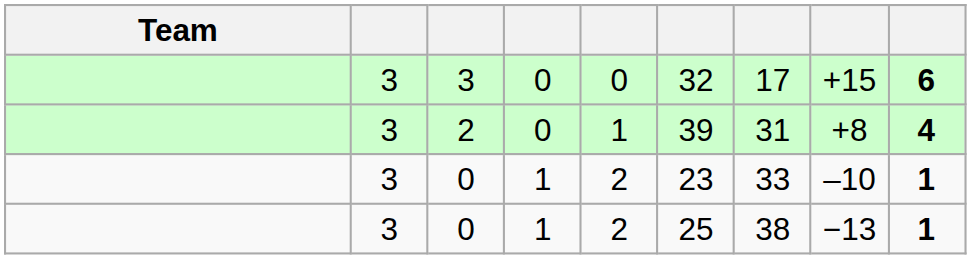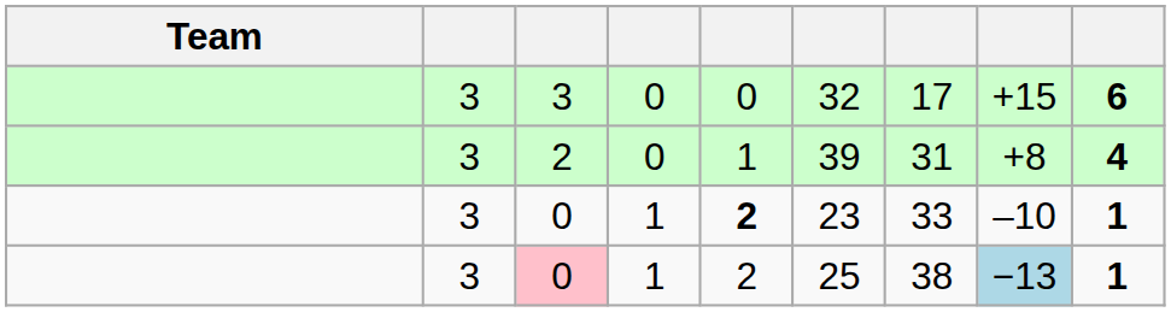 <table class="wikitable" style="text-align:center;font-size:95%">
 <tr>
 <th width=160>Team</th>
 <th width=30></th>
 <th width=30></th>
 <th width=30></th>
 <th width=30></th>
 <th width=30></th>
 <th width=30></th>
 <th width=30></th>
 <th width=30></th>
 </tr>
 <tr bgcolor=ccffcc>
 <td align="left"></td>
 <td>3</td>
 <td>3</td>
 <td>0</td>
 <td>0</td>
 <td>32</td>
 <td>17</td>
 <td>+15</td>
 <td><strong>6</strong></td>
 </tr>
 <tr bgcolor=ccffcc>
 <td align="left"></td>
 <td>3</td>
 <td>2</td>
 <td>0</td>
 <td>1</td>
 <td>39</td>
 <td>31</td>
 <td>+8</td>
 <td><strong>4</strong></td>
 </tr>
 <tr>
 <td align="left"></td>
 <td>3</td>
 <td>0</td>
 <td>1</td>
-<td>2</td>
+<td><strong>2</strong></td>
 <td>23</td>
 <td>33</td>
 <td>–10</td>
 <td><strong>1</strong></td>
 </tr>
 <tr>
 <td align="left"></td>
 <td>3</td>
-<td>0</td>
+<td style="background: pink;">0</td>
 <td>1</td>
 <td>2</td>
 <td>25</td>
 <td>38</td>
-<td>−13</td>
+<td style="background: lightblue;">−13</td>
 <td><strong>1</strong></td>
 </tr>
 </table>
